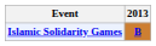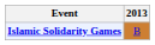 <table class="wikitable" style="font-size: 90%; text-align:center">
 <tr>
 <th>Event</th>
 <th>2013</th>
 </tr>
 <tr>
 <td bgcolor="#ECF2FF"; align="left"><strong><a href='#'>Islamic Solidarity Games</a></strong></td>
-<td bgcolor=CD7F32><strong><a href='#'>B</a></strong></td>
+<td bgcolor=CD7F32><a href='#'>B</a></td>
 </tr>
 </table>
